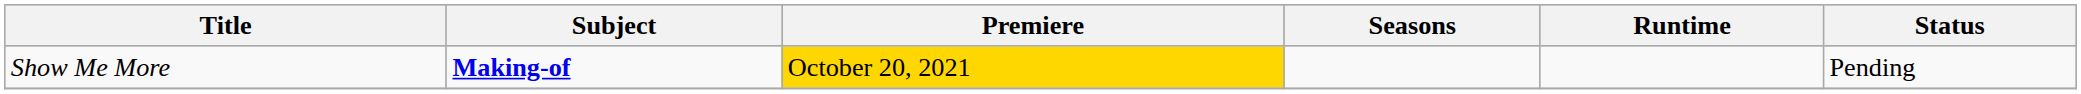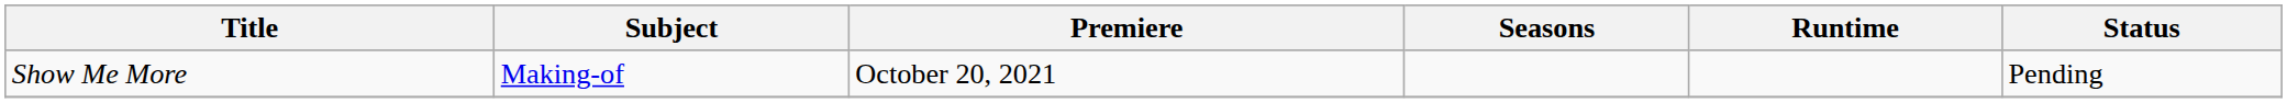 <table class="wikitable sortable" style="width:100%;">
 <tr>
 <th>Title</th>
 <th>Subject</th>
 <th>Premiere</th>
 <th>Seasons</th>
 <th>Runtime</th>
 <th>Status</th>
 </tr>
 <tr>
 <td><em>Show Me More</em></td>
-<td><strong><a href='#'>Making-of</a></strong></td>
-<td style="background: gold;">October 20, 2021</td>
+<td><a href='#'>Making-of</a></td>
+<td>October 20, 2021</td>
 <td></td>
 <td></td>
 <td>Pending</td>
 </tr>
 <tr>
 </tr>
 </table>
